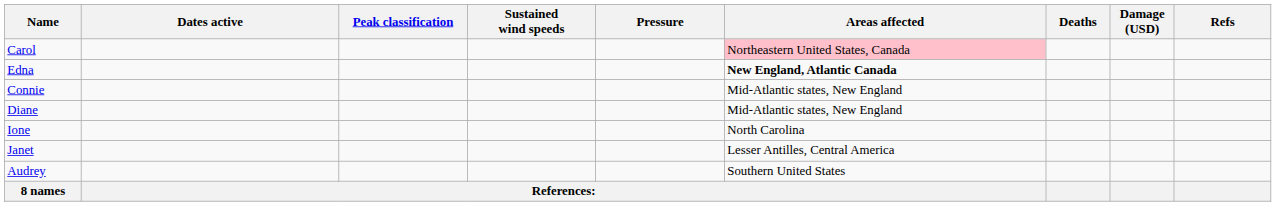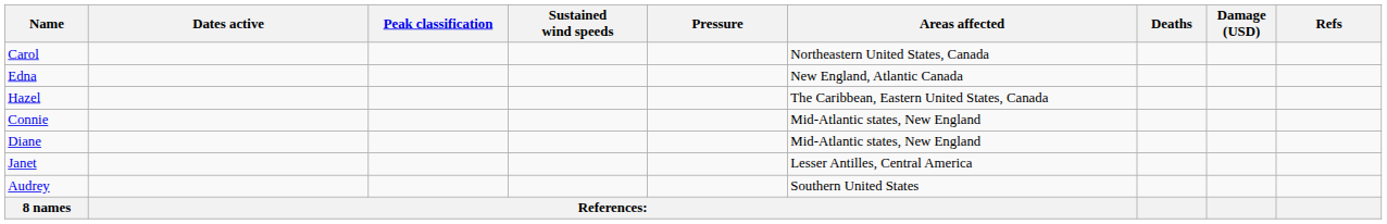 <table class="wikitable sortable" width="100%">
 <tr>
 <th scope="col" width="6%">Name</th>
 <th scope="col" width="20%">Dates active</th>
 <th scope="col" width="10%"><a href='#'>Peak classification</a></th>
 <th scope="col" width="10%">Sustained<br>wind speeds</th>
 <th scope="col" width="10%">Pressure</th>
 <th scope="col" width="25%" class="unsortable">Areas affected</th>
 <th scope="col" width="5%">Deaths</th>
 <th scope="col" width="5%">Damage<br>(USD)</th>
 <th scope="col" width="7.5%" class="unsortable">Refs</th>
 </tr>
 <tr>
 <td><a href='#'>Carol</a></td>
 <td></td>
 <td></td>
 <td></td>
 <td></td>
-<td style="background: pink;">Northeastern United States, Canada</td>
+<td>Northeastern United States, Canada</td>
 <td></td>
 <td></td>
 <td></td>
 </tr>
 <tr>
 <td><a href='#'>Edna</a></td>
 <td></td>
 <td></td>
 <td></td>
 <td></td>
-<td><strong>New England, Atlantic Canada</strong></td>
+<td>New England, Atlantic Canada</td>
+<td></td>
+<td></td>
+<td></td>
+</tr>
+<tr>
+<td><a href='#'>Hazel</a></td>
+<td></td>
+<td></td>
+<td></td>
+<td></td>
+<td>The Caribbean, Eastern United States, Canada</td>
 <td></td>
 <td></td>
 <td></td>
 </tr>
 <tr>
 <td><a href='#'>Connie</a></td>
 <td></td>
 <td></td>
 <td></td>
 <td></td>
 <td>Mid-Atlantic states, New England</td>
 <td></td>
 <td></td>
 <td></td>
 </tr>
 <tr>
 <td><a href='#'>Diane</a></td>
 <td></td>
 <td></td>
 <td></td>
 <td></td>
 <td>Mid-Atlantic states, New England</td>
-<td></td>
-<td></td>
-<td></td>
-</tr>
-<tr>
-<td><a href='#'>Ione</a></td>
-<td></td>
-<td></td>
-<td></td>
-<td></td>
-<td>North Carolina</td>
 <td></td>
 <td></td>
 <td></td>
 </tr>
 <tr>
 <td><a href='#'>Janet</a></td>
 <td></td>
 <td></td>
 <td></td>
 <td></td>
 <td>Lesser Antilles, Central America</td>
 <td></td>
 <td></td>
 <td></td>
 </tr>
 <tr>
 <td><a href='#'>Audrey</a></td>
 <td></td>
 <td></td>
 <td></td>
 <td></td>
 <td>Southern United States</td>
 <td></td>
 <td></td>
 <td></td>
 </tr>
 <tr class="sortbottom">
 <th>8 names</th>
 <th colspan=5>References:</th>
 <th></th>
 <th></th>
 <th></th>
 </tr>
 </table>
